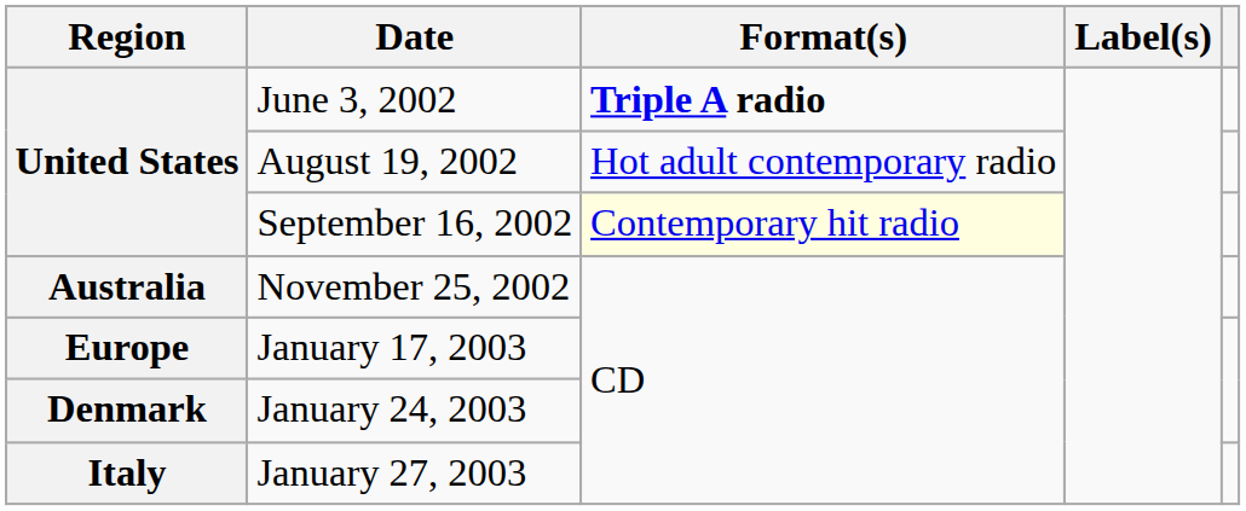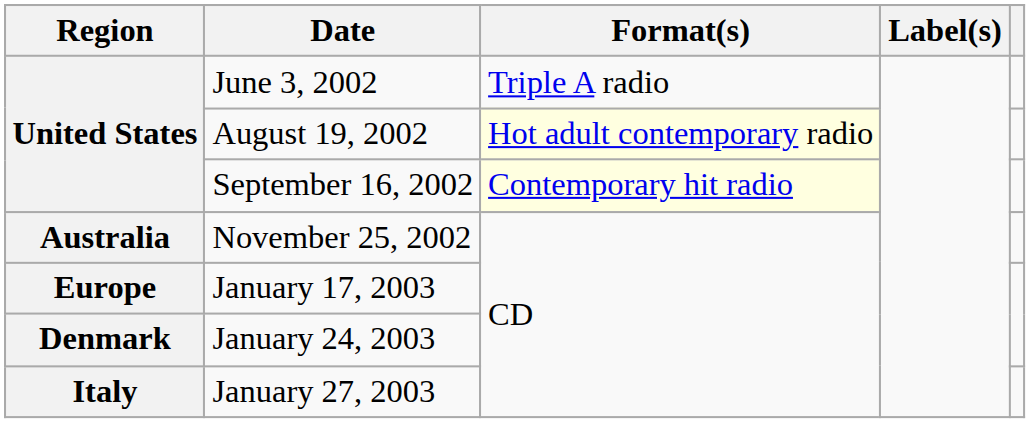 <table class="wikitable plainrowheaders">
 <tr>
 <th scope="col">Region</th>
 <th scope="col">Date</th>
 <th scope="col">Format(s)</th>
 <th scope="col">Label(s)</th>
 <th scope="col"></th>
 </tr>
 <tr>
 <th scope="row" rowspan="3">United States</th>
 <td>June 3, 2002</td>
-<td><strong><a href='#'>Triple A</a> radio</strong></td>
+<td><a href='#'>Triple A</a> radio</td>
 <td rowspan="7"></td>
 <td align="center"></td>
 </tr>
 <tr>
 <td>August 19, 2002</td>
-<td><a href='#'>Hot adult contemporary</a> radio</td>
+<td style="background: lightyellow;"><a href='#'>Hot adult contemporary</a> radio</td>
 <td align="center"></td>
 </tr>
 <tr>
 <td>September 16, 2002</td>
 <td style="background: lightyellow;"><a href='#'>Contemporary hit radio</a></td>
 <td align="center"></td>
 </tr>
 <tr>
 <th scope="row">Australia</th>
 <td>November 25, 2002</td>
 <td rowspan="4">CD</td>
 <td align="center"></td>
 </tr>
 <tr>
 <th scope="row">Europe</th>
 <td>January 17, 2003</td>
 <td align="center" rowspan="2"></td>
 </tr>
 <tr>
 <th scope="row">Denmark</th>
 <td>January 24, 2003</td>
 </tr>
 <tr>
 <th scope="row">Italy</th>
 <td>January 27, 2003</td>
 <td align="center"></td>
 </tr>
 </table>
